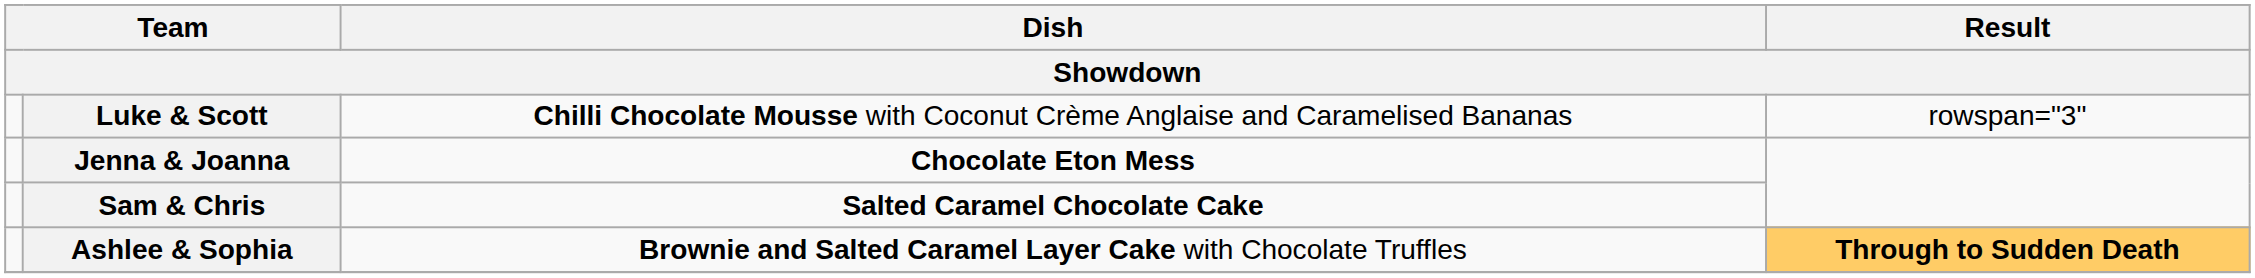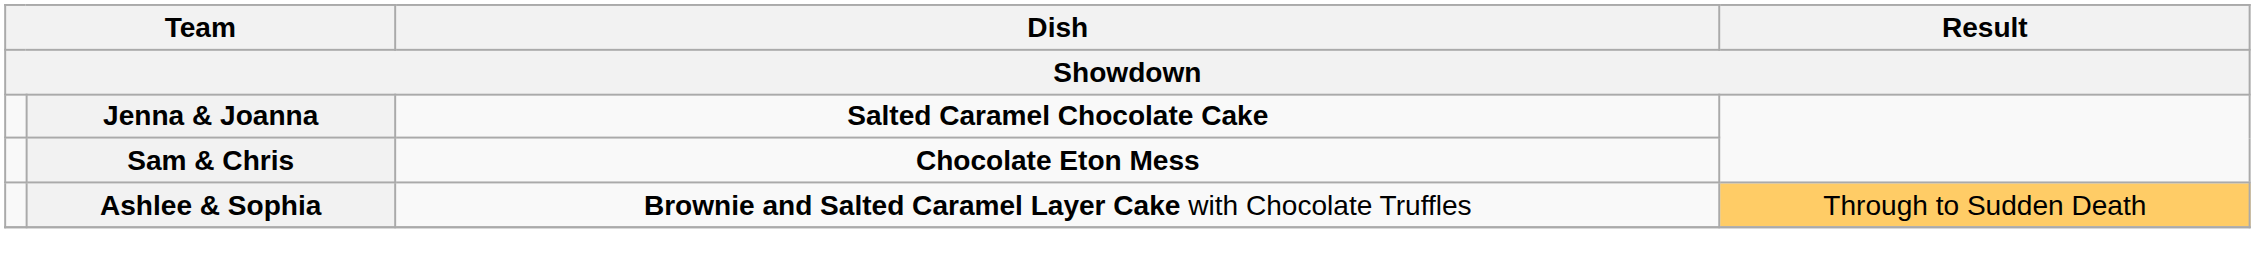 <table class="wikitable plainrowheaders" style="margin:1em auto; text-align:center; font-size:90%; width:80em;">
 <tr>
 <th colspan="2">Team</th>
 <th>Dish</th>
 <th>Result</th>
 </tr>
 <tr>
 <th colspan="4" >Showdown</th>
 </tr>
 <tr>
 <td></td>
-<th>Luke & Scott</th>
-<td><strong>Chilli Chocolate Mousse</strong> with Coconut Crème Anglaise and Caramelised Bananas</td>
-<td>rowspan="3" </td>
-</tr>
-<tr>
-<td></td>
 <th>Jenna & Joanna</th>
-<td><strong>Chocolate Eton Mess</strong></td>
+<td><strong>Salted Caramel Chocolate Cake</strong></td>
 </tr>
 <tr>
 <td></td>
 <th>Sam & Chris</th>
-<td><strong>Salted Caramel Chocolate Cake</strong></td>
+<td><strong>Chocolate Eton Mess</strong></td>
 </tr>
 <tr>
 <td></td>
 <th>Ashlee & Sophia</th>
 <td><strong>Brownie and Salted Caramel Layer Cake</strong> with Chocolate Truffles</td>
-<td style="background:#FFCC66;"><strong>Through to Sudden Death</strong></td>
+<td style="background:#FFCC66;">Through to Sudden Death</td>
 </tr>
 <tr>
 </tr>
 </table>
